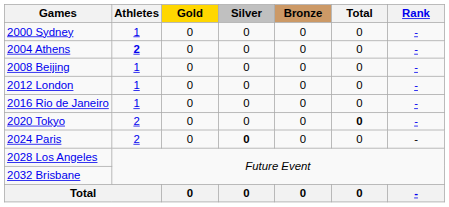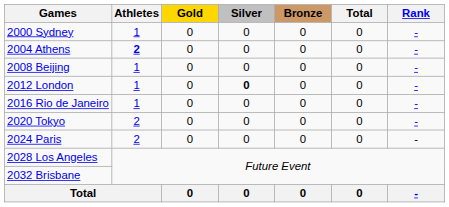 <table class="wikitable" style="text-align:center; font-size:90%;">
 <tr>
 <th>Games</th>
 <th>Athletes</th>
 <td style="background:gold; width:4.5em; font-weight:bold;">Gold</td>
 <td style="background:silver; width:4.5em; font-weight:bold;">Silver</td>
 <td style="background:#cc9966; width:4.5em; font-weight:bold;">Bronze</td>
 <th style="width:4.5em; font-weight:bold;">Total</th>
 <th style="width:4.5em; font-weight:bold;"><a href='#'>Rank</a></th>
 </tr>
 <tr>
 <td align=left><a href='#'>2000 Sydney</a></td>
 <td><a href='#'>1</a></td>
 <td>0</td>
 <td>0</td>
 <td>0</td>
 <td>0</td>
 <td><a href='#'>-</a></td>
 </tr>
 <tr>
 <td align=left><a href='#'>2004 Athens</a></td>
 <td><strong><a href='#'>2</a></strong></td>
 <td>0</td>
 <td>0</td>
 <td>0</td>
 <td>0</td>
 <td><a href='#'>-</a></td>
 </tr>
 <tr>
 <td align=left><a href='#'>2008 Beijing</a></td>
 <td><a href='#'>1</a></td>
 <td>0</td>
 <td>0</td>
 <td>0</td>
 <td>0</td>
 <td><a href='#'>-</a></td>
 </tr>
 <tr>
 <td align=left><a href='#'>2012 London</a></td>
 <td><a href='#'>1</a></td>
 <td>0</td>
-<td>0</td>
+<td><strong>0</strong></td>
 <td>0</td>
 <td>0</td>
 <td><a href='#'>-</a></td>
 </tr>
 <tr>
 <td align=left><a href='#'>2016 Rio de Janeiro</a></td>
 <td><a href='#'>1</a></td>
 <td>0</td>
 <td>0</td>
 <td>0</td>
 <td>0</td>
 <td><a href='#'>-</a></td>
 </tr>
 <tr>
 <td align=left><a href='#'>2020 Tokyo</a></td>
 <td><a href='#'>2</a></td>
 <td>0</td>
 <td>0</td>
 <td>0</td>
-<td><strong>0</strong></td>
+<td>0</td>
 <td><a href='#'>-</a></td>
 </tr>
 <tr>
 <td align=left><a href='#'>2024 Paris</a></td>
 <td><a href='#'>2</a></td>
 <td>0</td>
-<td><strong>0</strong></td>
+<td>0</td>
 <td>0</td>
 <td>0</td>
 <td>-</td>
 </tr>
 <tr>
 <td align=left><a href='#'>2028 Los Angeles</a></td>
 <td colspan="6" rowspan="2"><em>Future Event</em></td>
 </tr>
 <tr>
 <td align=left><a href='#'>2032 Brisbane</a></td>
 </tr>
 <tr>
 <th colspan=2>Total</th>
 <th>0</th>
 <th>0</th>
 <th>0</th>
 <th>0</th>
 <th><a href='#'>-</a></th>
 </tr>
 </table>
